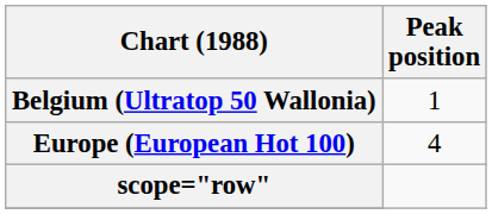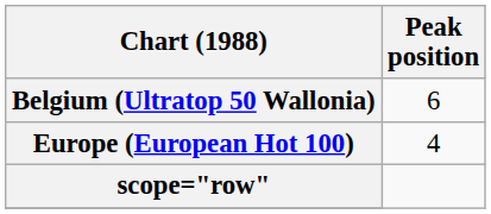 <table class="wikitable sortable plainrowheaders">
 <tr>
 <th>Chart (1988)</th>
 <th>Peak<br>position</th>
 </tr>
 <tr>
 <th scope="row">Belgium (<a href='#'>Ultratop 50</a> Wallonia)</th>
-<td align="center">1</td>
+<td align="center">6</td>
 </tr>
 <tr>
 <th scope="row">Europe (<a href='#'>European Hot 100</a>)</th>
 <td align="center">4</td>
 </tr>
 <tr>
 <th>scope="row"</th>
 </tr>
 <tr>
 </tr>
 </table>
